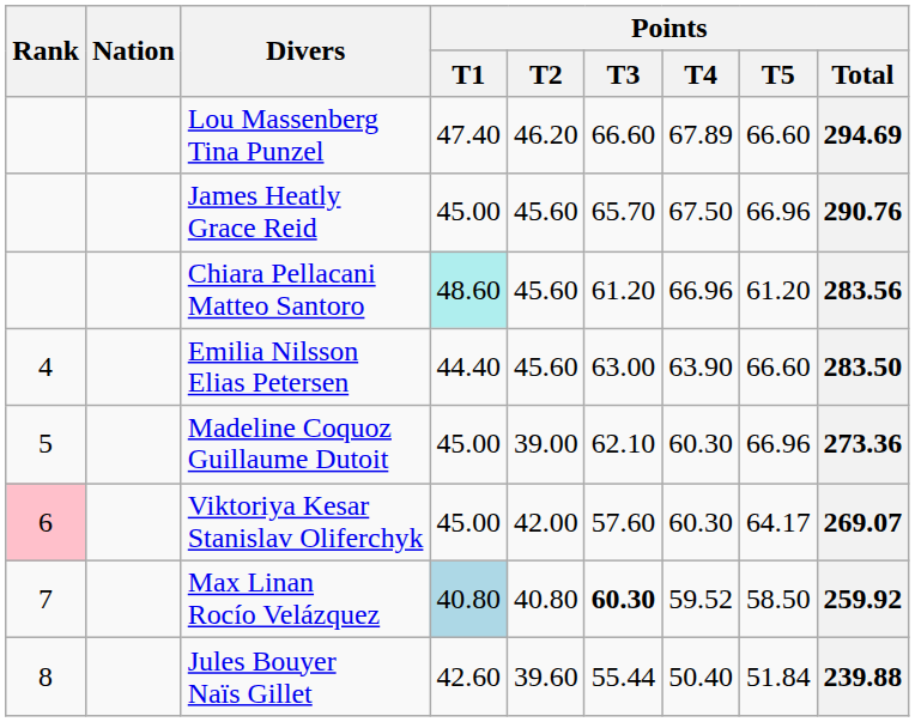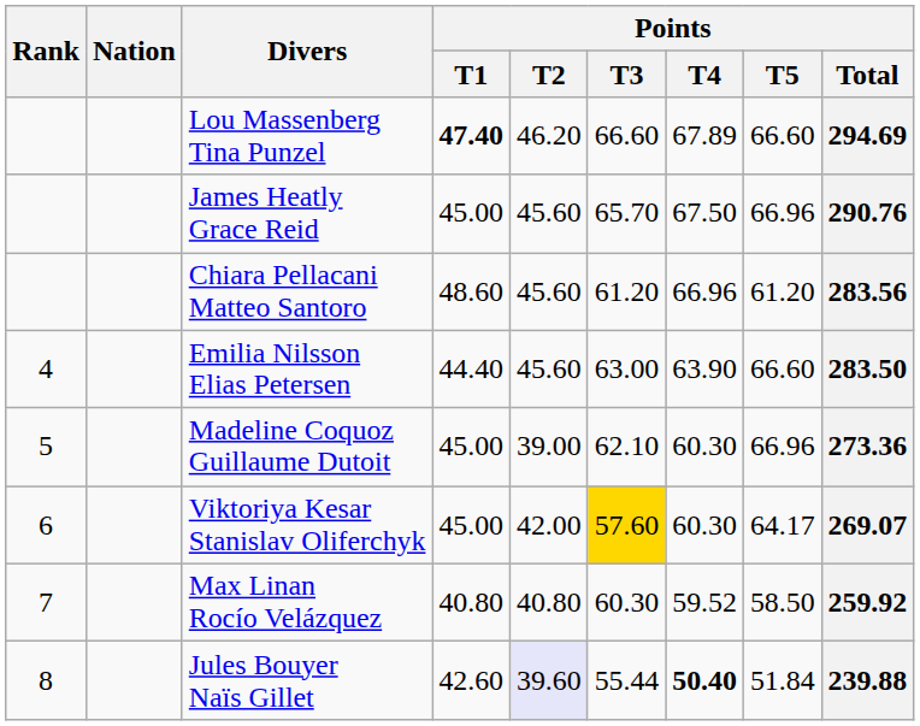 <table class="wikitable" style="text-align:center">
 <tr>
 <th rowspan=2>Rank</th>
 <th rowspan=2>Nation</th>
 <th rowspan=2>Divers</th>
 <th colspan=6>Points</th>
 </tr>
 <tr>
 <th>T1</th>
 <th>T2</th>
 <th>T3</th>
 <th>T4</th>
 <th>T5</th>
 <th>Total</th>
 </tr>
 <tr>
 <td></td>
 <td align=left></td>
 <td align=left><a href='#'>Lou Massenberg</a><br><a href='#'>Tina Punzel</a></td>
-<td>47.40</td>
+<td><strong>47.40</strong></td>
 <td>46.20</td>
 <td>66.60</td>
 <td>67.89</td>
 <td>66.60</td>
 <th>294.69</th>
 </tr>
 <tr>
 <td></td>
 <td align=left></td>
 <td align=left><a href='#'>James Heatly</a><br><a href='#'>Grace Reid</a></td>
 <td>45.00</td>
 <td>45.60</td>
 <td>65.70</td>
 <td>67.50</td>
 <td>66.96</td>
 <th>290.76</th>
 </tr>
 <tr>
 <td></td>
 <td align=left></td>
 <td align=left><a href='#'>Chiara Pellacani</a><br><a href='#'>Matteo Santoro</a></td>
-<td style="background: paleturquoise;">48.60</td>
+<td>48.60</td>
 <td>45.60</td>
 <td>61.20</td>
 <td>66.96</td>
 <td>61.20</td>
 <th>283.56</th>
 </tr>
 <tr>
 <td>4</td>
 <td align=left></td>
 <td align=left><a href='#'>Emilia Nilsson</a><br><a href='#'>Elias Petersen</a></td>
 <td>44.40</td>
 <td>45.60</td>
 <td>63.00</td>
 <td>63.90</td>
 <td>66.60</td>
 <th>283.50</th>
 </tr>
 <tr>
 <td>5</td>
 <td align=left></td>
 <td align=left><a href='#'>Madeline Coquoz</a><br><a href='#'>Guillaume Dutoit</a></td>
 <td>45.00</td>
 <td>39.00</td>
 <td>62.10</td>
 <td>60.30</td>
 <td>66.96</td>
 <th>273.36</th>
 </tr>
 <tr>
-<td style="background: pink;">6</td>
+<td>6</td>
 <td align=left></td>
 <td align=left><a href='#'>Viktoriya Kesar</a><br><a href='#'>Stanislav Oliferchyk</a></td>
 <td>45.00</td>
 <td>42.00</td>
-<td>57.60</td>
+<td style="background: gold;">57.60</td>
 <td>60.30</td>
 <td>64.17</td>
 <th>269.07</th>
 </tr>
 <tr>
 <td>7</td>
 <td align=left></td>
 <td align=left><a href='#'>Max Linan</a><br><a href='#'>Rocío Velázquez</a></td>
-<td style="background: lightblue;">40.80</td>
 <td>40.80</td>
-<td><strong>60.30</strong></td>
+<td>40.80</td>
+<td>60.30</td>
 <td>59.52</td>
 <td>58.50</td>
 <th>259.92</th>
 </tr>
 <tr>
 <td>8</td>
 <td align=left></td>
 <td align=left><a href='#'>Jules Bouyer</a><br><a href='#'>Naïs Gillet</a></td>
 <td>42.60</td>
-<td>39.60</td>
+<td style="background: lavender;">39.60</td>
 <td>55.44</td>
-<td>50.40</td>
+<td><strong>50.40</strong></td>
 <td>51.84</td>
 <th>239.88</th>
 </tr>
 </table>
